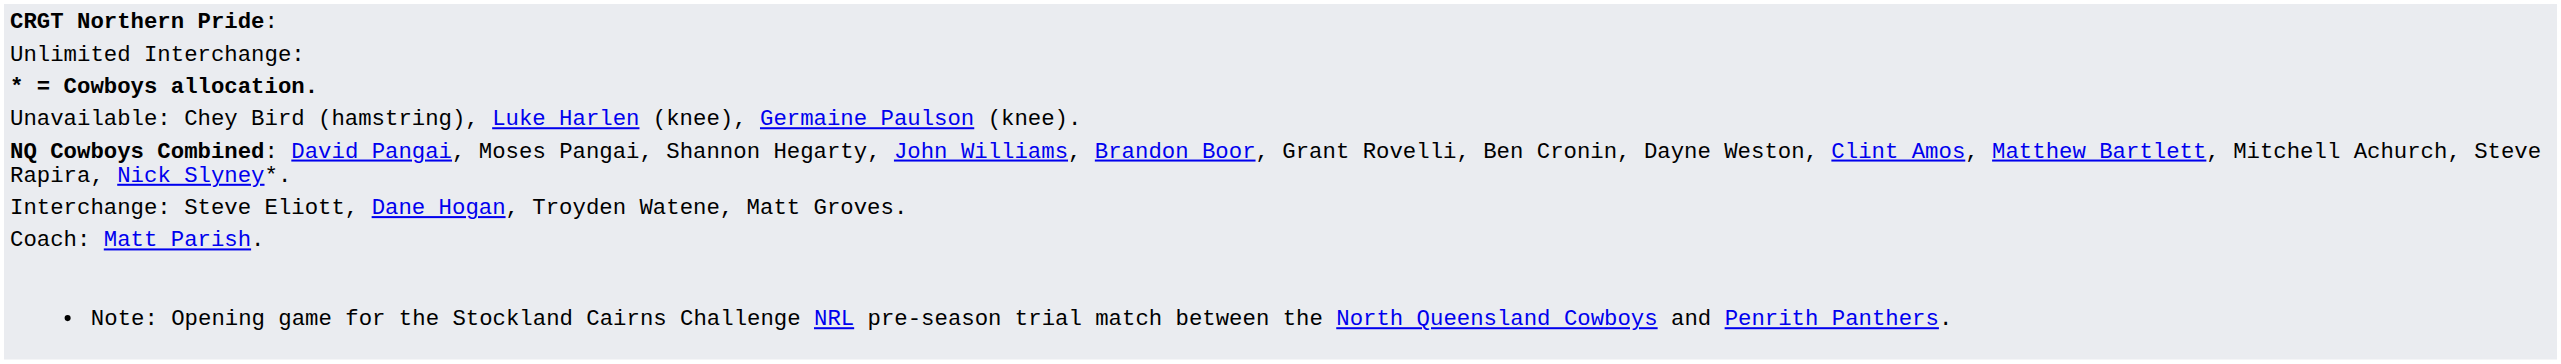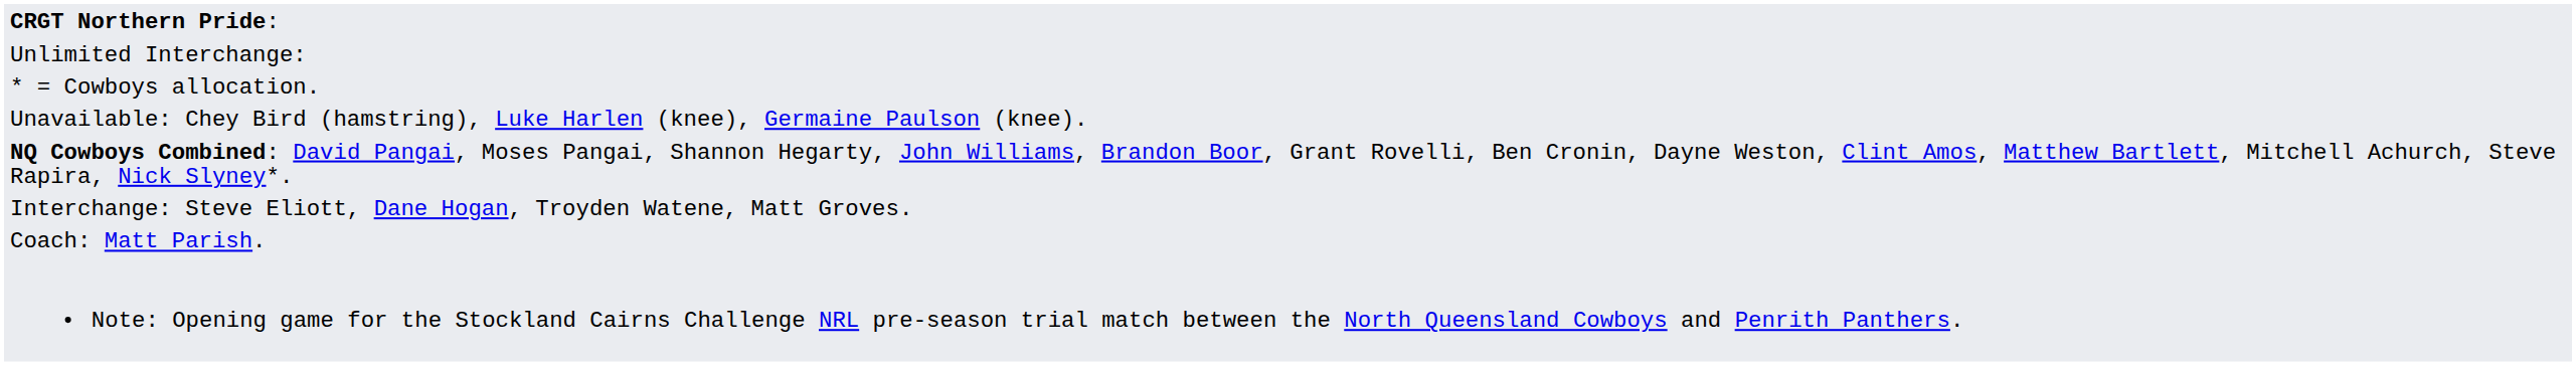 <table style="background:#eaecf0; font-size:85%; width:100%;">
 <tr>
 <td><strong>CRGT Northern Pride</strong>:             </td>
 </tr>
 <tr>
 <td>Unlimited Interchange:        </td>
 </tr>
 <tr>
-<td><strong>* = Cowboys allocation.</strong></td>
+<td>* = Cowboys allocation.</td>
 </tr>
 <tr>
 <td>Unavailable: Chey Bird (hamstring), <a href='#'>Luke Harlen</a> (knee), <a href='#'>Germaine Paulson</a> (knee).</td>
 </tr>
 <tr>
 <td><strong>NQ Cowboys Combined</strong>: <a href='#'>David Pangai</a>, Moses Pangai, Shannon Hegarty, <a href='#'>John Williams</a>, <a href='#'>Brandon Boor</a>, Grant Rovelli, Ben Cronin, Dayne Weston, <a href='#'>Clint Amos</a>, <a href='#'>Matthew Bartlett</a>, Mitchell Achurch, Steve Rapira, <a href='#'>Nick Slyney</a>*.</td>
 </tr>
 <tr>
 <td>Interchange: Steve Eliott, <a href='#'>Dane Hogan</a>, Troyden Watene, Matt Groves.</td>
 </tr>
 <tr>
 <td>Coach: <a href='#'>Matt Parish</a>.</td>
 </tr>
 <tr>
 <td><br><ul><li>Note: Opening game for the Stockland Cairns Challenge <a href='#'>NRL</a> pre-season trial match between the <a href='#'>North Queensland Cowboys</a> and <a href='#'>Penrith Panthers</a>.</li></ul></td>
 </tr>
 </table>
